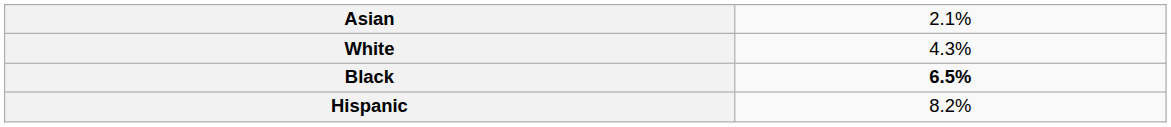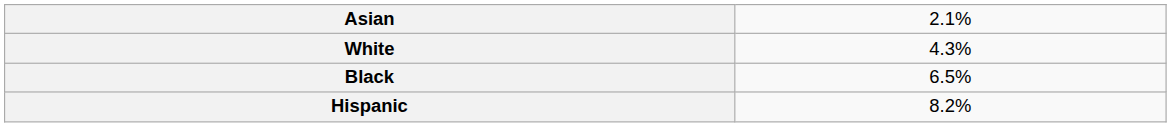 <table class="wikitable" style="text-align:center; width:80%;">
 <tr>
 <th scope="row">Asian</th>
 <td>2.1%</td>
 </tr>
 <tr>
 <th scope="row">White</th>
 <td>4.3%</td>
 </tr>
 <tr>
 <th scope="row">Black</th>
-<td><strong>6.5%</strong></td>
+<td>6.5%</td>
 </tr>
 <tr>
 <th scope="row">Hispanic</th>
 <td>8.2%</td>
 </tr>
 </table>
